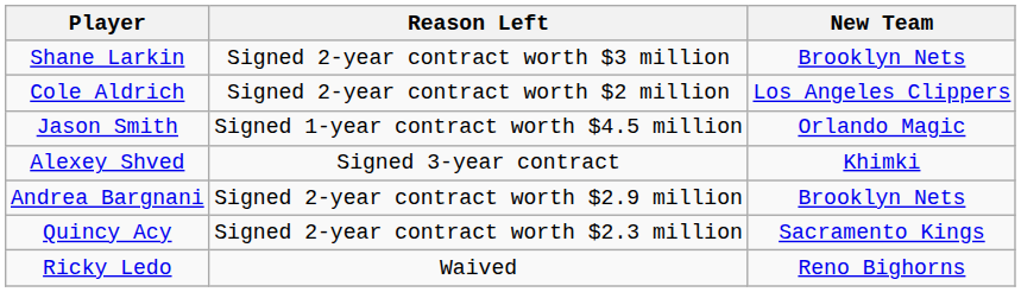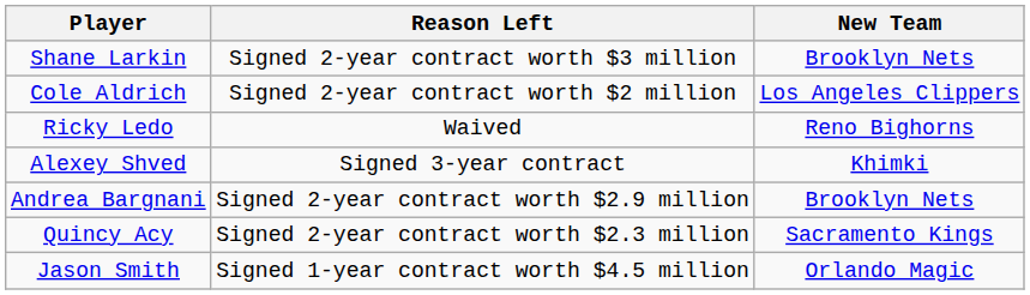 <table class="wikitable sortable sortable">
 <tr>
 <th>Player</th>
 <th>Reason Left</th>
 <th>New Team</th>
 </tr>
 <tr style="text-align: center">
 <td><a href='#'>Shane Larkin</a></td>
 <td>Signed 2-year contract worth $3 million</td>
 <td><a href='#'>Brooklyn Nets</a></td>
 </tr>
 <tr style="text-align: center">
 <td><a href='#'>Cole Aldrich</a></td>
 <td>Signed 2-year contract worth $2 million</td>
 <td><a href='#'>Los Angeles Clippers</a></td>
 </tr>
 <tr style="text-align: center">
-<td><a href='#'>Jason Smith</a></td>
-<td>Signed 1-year contract worth $4.5 million</td>
-<td><a href='#'>Orlando Magic</a></td>
+<td><a href='#'>Ricky Ledo</a></td>
+<td>Waived</td>
+<td><a href='#'>Reno Bighorns</a></td>
 </tr>
 <tr style="text-align: center">
 <td><a href='#'>Alexey Shved</a></td>
 <td>Signed 3-year contract</td>
 <td><a href='#'>Khimki</a></td>
 </tr>
 <tr style="text-align: center">
 <td><a href='#'>Andrea Bargnani</a></td>
 <td>Signed 2-year contract worth $2.9 million</td>
 <td><a href='#'>Brooklyn Nets</a></td>
 </tr>
 <tr style="text-align: center">
 <td><a href='#'>Quincy Acy</a></td>
 <td>Signed 2-year contract worth $2.3 million</td>
 <td><a href='#'>Sacramento Kings</a></td>
 </tr>
 <tr style="text-align: center">
-<td><a href='#'>Ricky Ledo</a></td>
-<td>Waived</td>
-<td><a href='#'>Reno Bighorns</a></td>
+<td><a href='#'>Jason Smith</a></td>
+<td>Signed 1-year contract worth $4.5 million</td>
+<td><a href='#'>Orlando Magic</a></td>
 </tr>
 </table>
